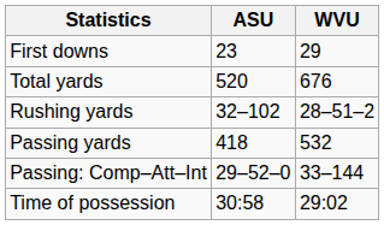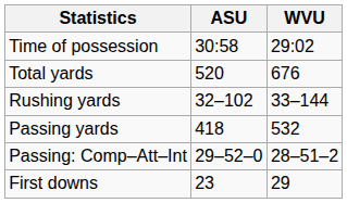 <table class="wikitable" style="float: left;">
 <tr>
 <th>Statistics</th>
 <th>ASU</th>
 <th>WVU</th>
 </tr>
 <tr>
-<td>First downs</td>
-<td>23</td>
-<td>29</td>
+<td>Time of possession</td>
+<td>30:58</td>
+<td>29:02</td>
 </tr>
 <tr>
 <td>Total yards</td>
 <td>520</td>
 <td>676</td>
 </tr>
 <tr>
 <td>Rushing yards</td>
 <td>32–102</td>
-<td>28–51–2</td>
+<td>33–144</td>
 </tr>
 <tr>
 <td>Passing yards</td>
 <td>418</td>
 <td>532</td>
 </tr>
 <tr>
 <td>Passing: Comp–Att–Int</td>
 <td>29–52–0</td>
-<td>33–144</td>
+<td>28–51–2</td>
 </tr>
 <tr>
-<td>Time of possession</td>
-<td>30:58</td>
-<td>29:02</td>
+<td>First downs</td>
+<td>23</td>
+<td>29</td>
 </tr>
 <tr>
 </tr>
 </table>
